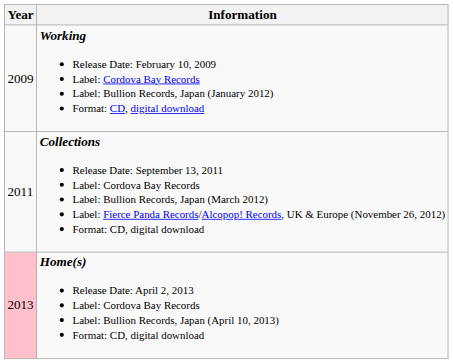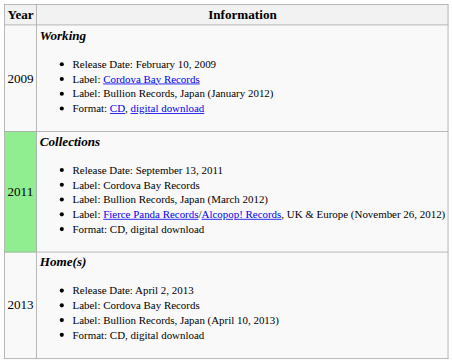 <table class="wikitable">
 <tr>
 <th style="text-align:center;">Year</th>
 <th style="text-align:center;">Information</th>
 </tr>
 <tr>
 <td>2009</td>
 <td><strong><em>Working</em></strong><br><ul><li><small>Release Date: February 10, 2009</small></li><li><small>Label: <a href='#'>Cordova Bay Records</a></small></li><li><small>Label: Bullion Records, Japan (January 2012)</small></li><li><small>Format: <a href='#'>CD</a>, <a href='#'>digital download</a></small></li></ul></td>
 </tr>
 <tr>
-<td>2011</td>
+<td style="background: lightgreen;">2011</td>
 <td><strong><em>Collections</em></strong><br><ul><li><small>Release Date: September 13, 2011</small></li><li><small>Label: Cordova Bay Records</small></li><li><small>Label: Bullion Records, Japan (March 2012)</small></li><li><small>Label: <a href='#'>Fierce Panda Records</a>/<a href='#'>Alcopop! Records</a>, UK & Europe (November 26, 2012)</small></li><li><small>Format: CD, digital download</small></li></ul></td>
 </tr>
 <tr>
-<td style="background: pink;">2013</td>
+<td>2013</td>
 <td><strong><em>Home(s)</em></strong><br><ul><li><small>Release Date: April 2, 2013</small></li><li><small>Label: Cordova Bay Records</small></li><li><small>Label: Bullion Records, Japan (April 10, 2013)</small></li><li><small>Format: CD, digital download</small></li></ul></td>
 </tr>
 </table>
